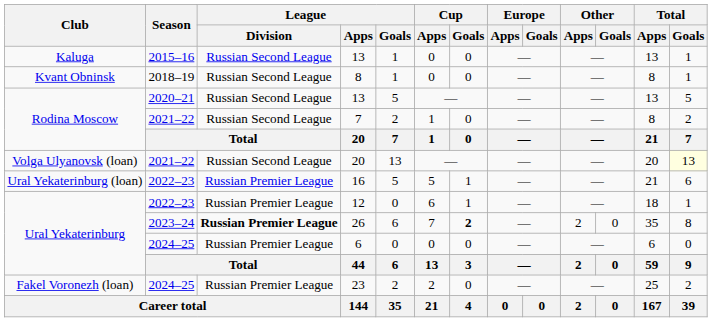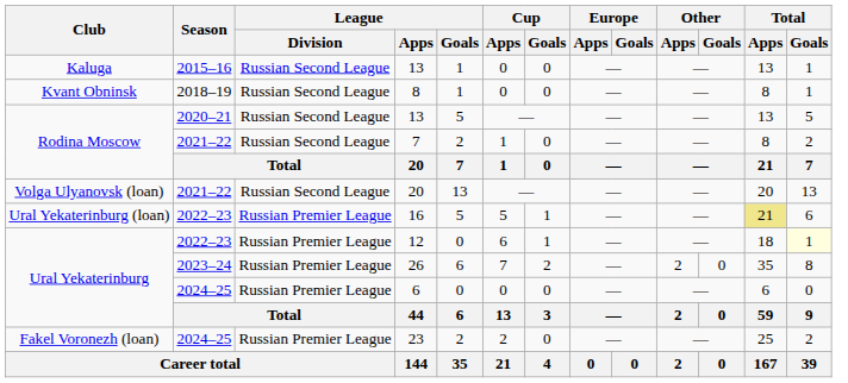 <table class="wikitable" style="text-align: center;">
 <tr>
 <th rowspan="2">Club</th>
 <th rowspan="2">Season</th>
 <th colspan="3">League</th>
 <th colspan="2">Cup</th>
 <th colspan="2">Europe</th>
 <th colspan="2">Other</th>
 <th colspan="2">Total</th>
 </tr>
 <tr>
 <th>Division</th>
 <th>Apps</th>
 <th>Goals</th>
 <th>Apps</th>
 <th>Goals</th>
 <th>Apps</th>
 <th>Goals</th>
 <th>Apps</th>
 <th>Goals</th>
 <th>Apps</th>
 <th>Goals</th>
 </tr>
 <tr>
 <td><a href='#'>Kaluga</a></td>
 <td><a href='#'>2015–16</a></td>
 <td><a href='#'>Russian Second League</a></td>
 <td>13</td>
 <td>1</td>
 <td>0</td>
 <td>0</td>
 <td colspan="2">—</td>
 <td colspan="2">—</td>
 <td>13</td>
 <td>1</td>
 </tr>
 <tr>
 <td><a href='#'>Kvant Obninsk</a></td>
 <td>2018–19</td>
 <td>Russian Second League</td>
 <td>8</td>
 <td>1</td>
 <td>0</td>
 <td>0</td>
 <td colspan="2">—</td>
 <td colspan="2">—</td>
 <td>8</td>
 <td>1</td>
 </tr>
 <tr>
 <td rowspan="3"><a href='#'>Rodina Moscow</a></td>
 <td><a href='#'>2020–21</a></td>
 <td>Russian Second League</td>
 <td>13</td>
 <td>5</td>
 <td colspan="2">—</td>
 <td colspan="2">—</td>
 <td colspan="2">—</td>
 <td>13</td>
 <td>5</td>
 </tr>
 <tr>
 <td><a href='#'>2021–22</a></td>
 <td>Russian Second League</td>
 <td>7</td>
 <td>2</td>
 <td>1</td>
 <td>0</td>
 <td colspan="2">—</td>
 <td colspan="2">—</td>
 <td>8</td>
 <td>2</td>
 </tr>
 <tr>
 <th colspan="2">Total</th>
 <th>20</th>
 <th>7</th>
 <th>1</th>
 <th>0</th>
 <th colspan="2">—</th>
 <th colspan="2">—</th>
 <th>21</th>
 <th>7</th>
 </tr>
 <tr>
 <td><a href='#'>Volga Ulyanovsk</a> (loan)</td>
 <td><a href='#'>2021–22</a></td>
 <td>Russian Second League</td>
 <td>20</td>
 <td>13</td>
 <td colspan="2">—</td>
 <td colspan="2">—</td>
 <td colspan="2">—</td>
 <td>20</td>
-<td style="background: lightyellow;">13</td>
+<td>13</td>
 </tr>
 <tr>
 <td><a href='#'>Ural Yekaterinburg</a> (loan)</td>
 <td><a href='#'>2022–23</a></td>
 <td><a href='#'>Russian Premier League</a></td>
 <td>16</td>
 <td>5</td>
 <td>5</td>
 <td>1</td>
 <td colspan="2">—</td>
 <td colspan="2">—</td>
-<td>21</td>
+<td style="background: khaki;">21</td>
 <td>6</td>
 </tr>
 <tr>
 <td rowspan="4"><a href='#'>Ural Yekaterinburg</a></td>
 <td><a href='#'>2022–23</a></td>
 <td>Russian Premier League</td>
 <td>12</td>
 <td>0</td>
 <td>6</td>
 <td>1</td>
 <td colspan="2">—</td>
 <td colspan="2">—</td>
 <td>18</td>
-<td>1</td>
+<td style="background: lightyellow;">1</td>
 </tr>
 <tr>
 <td><a href='#'>2023–24</a></td>
-<td><strong>Russian Premier League</strong></td>
+<td>Russian Premier League</td>
 <td>26</td>
 <td>6</td>
 <td>7</td>
-<td><strong>2</strong></td>
+<td>2</td>
 <td colspan="2">—</td>
 <td>2</td>
 <td>0</td>
 <td>35</td>
 <td>8</td>
 </tr>
 <tr>
 <td><a href='#'>2024–25</a></td>
 <td>Russian Premier League</td>
 <td>6</td>
 <td>0</td>
 <td>0</td>
 <td>0</td>
 <td colspan="2">—</td>
 <td colspan="2">—</td>
 <td>6</td>
 <td>0</td>
 </tr>
 <tr>
 <th colspan="2">Total</th>
 <th>44</th>
 <th>6</th>
 <th>13</th>
 <th>3</th>
 <th colspan="2">—</th>
 <th>2</th>
 <th>0</th>
 <th>59</th>
 <th>9</th>
 </tr>
 <tr>
 <td><a href='#'>Fakel Voronezh</a> (loan)</td>
 <td><a href='#'>2024–25</a></td>
 <td>Russian Premier League</td>
 <td>23</td>
 <td>2</td>
 <td>2</td>
 <td>0</td>
 <td colspan="2">—</td>
 <td colspan="2">—</td>
 <td>25</td>
 <td>2</td>
 </tr>
 <tr>
 <th colspan="3">Career total</th>
 <th>144</th>
 <th>35</th>
 <th>21</th>
 <th>4</th>
 <th>0</th>
 <th>0</th>
 <th>2</th>
 <th>0</th>
 <th>167</th>
 <th>39</th>
 </tr>
 </table>
